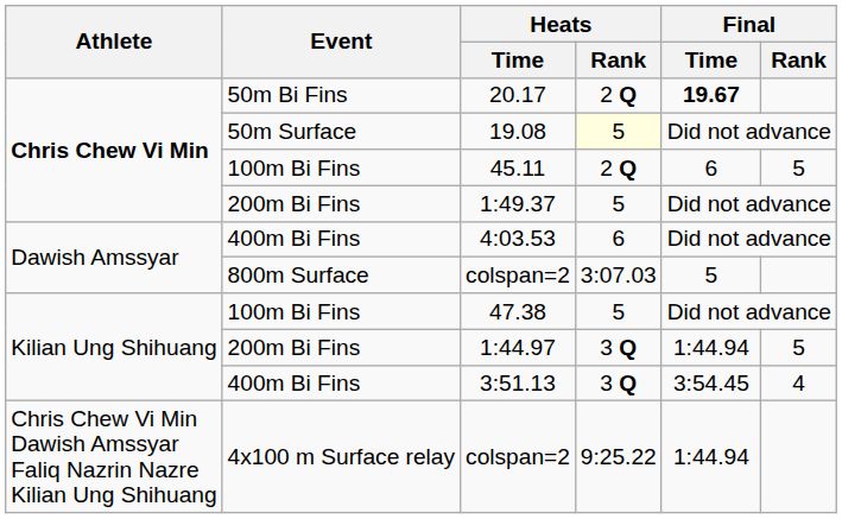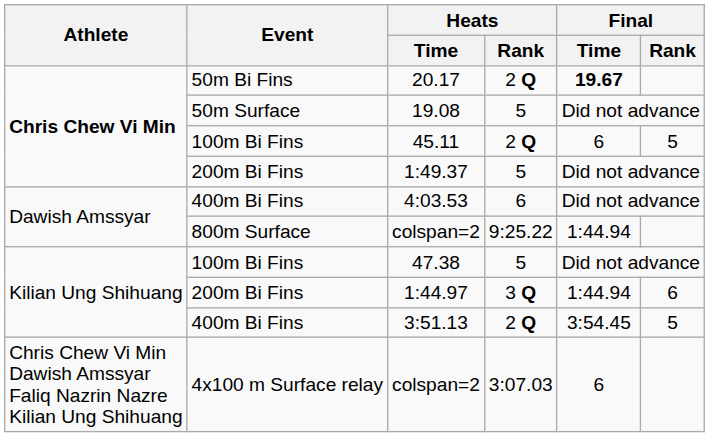 <table class="wikitable" style="font-size:90%">
 <tr>
 <th rowspan="2">Athlete</th>
 <th rowspan="2">Event</th>
 <th colspan="2">Heats</th>
 <th colspan="2">Final</th>
 </tr>
 <tr>
 <th>Time</th>
 <th>Rank</th>
 <th>Time</th>
 <th>Rank</th>
 </tr>
 <tr align="center">
 <td align="left" rowspan=4><strong>Chris Chew Vi Min</strong></td>
 <td align="left">50m Bi Fins</td>
 <td>20.17</td>
 <td>2 <strong>Q</strong></td>
 <td><strong>19.67</strong></td>
 <td></td>
 </tr>
 <tr align="center">
 <td align="left">50m Surface</td>
 <td>19.08</td>
-<td style="background: lightyellow;">5</td>
+<td>5</td>
 <td colspan=2>Did not advance</td>
 </tr>
 <tr align="center">
 <td align="left">100m Bi Fins</td>
 <td>45.11</td>
 <td>2 <strong>Q</strong></td>
 <td>6</td>
 <td>5</td>
 </tr>
 <tr align="center">
 <td align="left">200m Bi Fins</td>
 <td>1:49.37</td>
 <td>5</td>
 <td colspan=2>Did not advance</td>
 </tr>
 <tr align="center">
 <td align="left" rowspan=2>Dawish Amssyar</td>
 <td align="left">400m Bi Fins</td>
 <td>4:03.53</td>
 <td>6</td>
 <td colspan=2>Did not advance</td>
 </tr>
 <tr align="center">
 <td align="left">800m Surface</td>
 <td>colspan=2 </td>
-<td>3:07.03</td>
-<td>5</td>
+<td>9:25.22</td>
+<td>1:44.94</td>
 </tr>
 <tr align="center">
 <td align="left" rowspan=3>Kilian Ung Shihuang</td>
 <td align="left">100m Bi Fins</td>
 <td>47.38</td>
 <td>5</td>
 <td colspan=2>Did not advance</td>
 </tr>
 <tr align="center">
 <td align="left">200m Bi Fins</td>
 <td>1:44.97</td>
 <td>3 <strong>Q</strong></td>
 <td>1:44.94</td>
-<td>5</td>
+<td>6</td>
 </tr>
 <tr align="center">
 <td align="left">400m Bi Fins</td>
 <td>3:51.13</td>
-<td>3 <strong>Q</strong></td>
+<td>2 <strong>Q</strong></td>
 <td>3:54.45</td>
-<td>4</td>
+<td>5</td>
 </tr>
 <tr align="center">
 <td align="left">Chris Chew Vi Min<br>Dawish Amssyar<br>Faliq Nazrin Nazre<br>Kilian Ung Shihuang</td>
 <td align="left">4x100 m Surface relay</td>
 <td>colspan=2 </td>
-<td>9:25.22</td>
-<td>1:44.94</td>
+<td>3:07.03</td>
+<td>6</td>
 </tr>
 </table>
